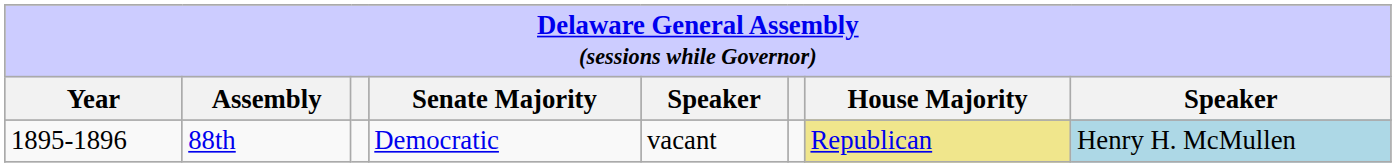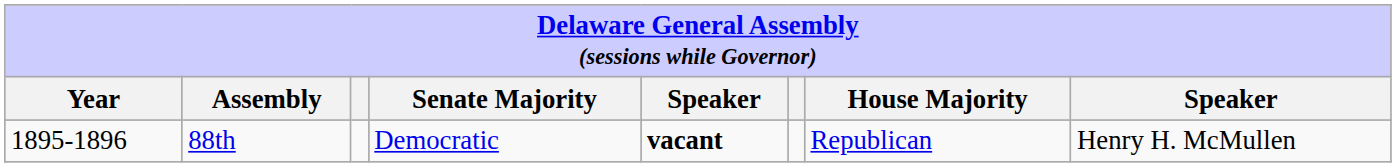 <table class=wikitable style="width: 94%" style="text-align: center;" align="center">
 <tr bgcolor=#cccccc>
 <th colspan=12 style="background: #ccccff;"><strong><a href='#'>Delaware General Assembly</a></strong> <br> <small> <em>(sessions while Governor)</em></small></th>
 </tr>
 <tr>
 <th><strong>Year</strong></th>
 <th><strong>Assembly</strong></th>
 <th></th>
 <th><strong>Senate Majority</strong></th>
 <th><strong>Speaker</strong></th>
 <th></th>
 <th><strong>House Majority</strong></th>
 <th><strong>Speaker</strong></th>
 </tr>
 <tr>
 <td>1895-1896</td>
 <td><a href='#'>88th</a></td>
 <td></td>
 <td><a href='#'>Democratic</a></td>
-<td>vacant</td>
+<td><strong>vacant</strong></td>
 <td></td>
-<td style="background: khaki;"><a href='#'>Republican</a></td>
-<td style="background: lightblue;">Henry H. McMullen</td>
+<td><a href='#'>Republican</a></td>
+<td>Henry H. McMullen</td>
 </tr>
 </table>
